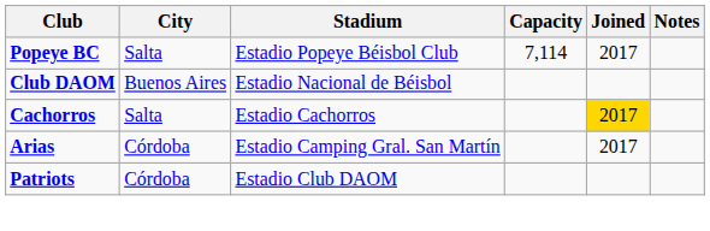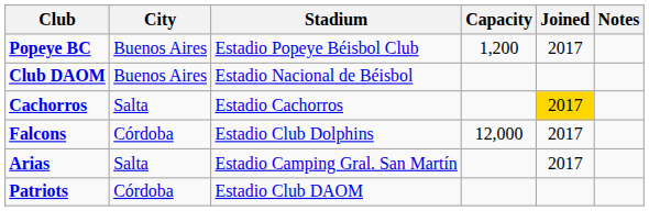 <table class="wikitable sortable" style="font-size:90%">
 <tr>
 <th>Club</th>
 <th>City</th>
 <th>Stadium</th>
 <th>Capacity</th>
 <th>Joined</th>
 <th>Notes</th>
 </tr>
 <tr>
 <td><strong><a href='#'>Popeye BC</a></strong></td>
-<td><a href='#'>Salta</a></td>
+<td><a href='#'>Buenos Aires</a></td>
 <td><a href='#'>Estadio Popeye Béisbol Club</a></td>
-<td align="center">7,114</td>
+<td align="center">1,200</td>
 <td align="center">2017</td>
 <td align="center"></td>
 </tr>
 <tr>
 <td><strong><a href='#'>Club DAOM</a></strong></td>
 <td><a href='#'>Buenos Aires</a></td>
 <td><a href='#'>Estadio Nacional de Béisbol</a></td>
 <td align="center"></td>
 <td align="center"></td>
 <td></td>
 </tr>
 <tr>
 <td><strong><a href='#'>Cachorros</a></strong></td>
 <td><a href='#'>Salta</a></td>
 <td><a href='#'>Estadio Cachorros</a></td>
 <td align="center"></td>
 <td align="center" style="background: gold;">2017</td>
 <td align="center"></td>
 </tr>
 <tr>
+<td><strong><a href='#'>Falcons</a></strong></td>
+<td><a href='#'>Córdoba</a></td>
+<td><a href='#'>Estadio Club Dolphins</a></td>
+<td align="center">12,000</td>
+<td align="center">2017</td>
+<td></td>
+</tr>
+<tr>
 <td><strong><a href='#'>Arias</a></strong></td>
-<td><a href='#'>Córdoba</a></td>
+<td><a href='#'>Salta</a></td>
 <td><a href='#'>Estadio Camping Gral. San Martín</a></td>
 <td align="center"></td>
 <td align="center">2017</td>
 <td align="center"></td>
 </tr>
 <tr>
 <td><strong><a href='#'>Patriots</a></strong></td>
 <td><a href='#'>Córdoba</a></td>
 <td><a href='#'>Estadio Club DAOM</a></td>
 <td align="center"></td>
 <td align="center"></td>
 </tr>
 </table>
